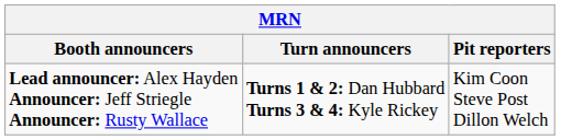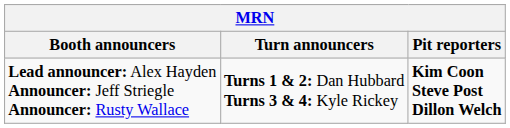 <table class="wikitable" style="font-size: 95%">
 <tr>
 <th colspan="3"><a href='#'>MRN</a></th>
 </tr>
 <tr>
 <th>Booth announcers</th>
 <th>Turn announcers</th>
 <th>Pit reporters</th>
 </tr>
 <tr>
 <td><strong>Lead announcer:</strong> Alex Hayden<br><strong>Announcer:</strong> Jeff Striegle<br><strong>Announcer:</strong> <a href='#'>Rusty Wallace</a></td>
 <td><strong>Turns 1 & 2:</strong> Dan Hubbard<br><strong>Turns 3 & 4:</strong> Kyle Rickey</td>
-<td>Kim Coon<br>Steve Post<br>Dillon Welch</td>
+<td><strong>Kim Coon<br>Steve Post<br>Dillon Welch</strong></td>
 </tr>
 </table>
